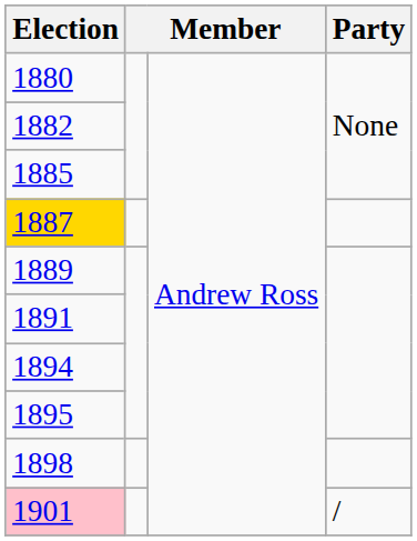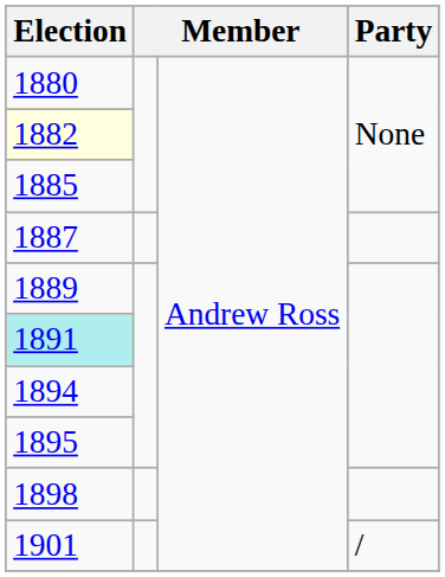 <table class="wikitable">
 <tr>
 <th>Election</th>
 <th colspan="2">Member</th>
 <th>Party</th>
 </tr>
 <tr>
 <td><a href='#'>1880</a></td>
 <td rowspan="3" > </td>
 <td rowspan="10"><a href='#'>Andrew Ross</a></td>
 <td rowspan="3">None</td>
 </tr>
 <tr>
-<td><a href='#'>1882</a></td>
+<td style="background: lightyellow;"><a href='#'>1882</a></td>
 </tr>
 <tr>
 <td><a href='#'>1885</a></td>
 </tr>
 <tr>
-<td style="background: gold;"><a href='#'>1887</a></td>
+<td><a href='#'>1887</a></td>
 <td> </td>
 <td></td>
 </tr>
 <tr>
 <td><a href='#'>1889</a></td>
 <td rowspan="4" > </td>
 <td rowspan="4"></td>
 </tr>
 <tr>
-<td><a href='#'>1891</a></td>
+<td style="background: paleturquoise;"><a href='#'>1891</a></td>
 </tr>
 <tr>
 <td><a href='#'>1894</a></td>
 </tr>
 <tr>
 <td><a href='#'>1895</a></td>
 </tr>
 <tr>
 <td><a href='#'>1898</a></td>
 <td> </td>
 <td></td>
 </tr>
 <tr>
-<td style="background: pink;"><a href='#'>1901</a></td>
+<td><a href='#'>1901</a></td>
 <td> </td>
 <td> / </td>
 </tr>
 </table>
